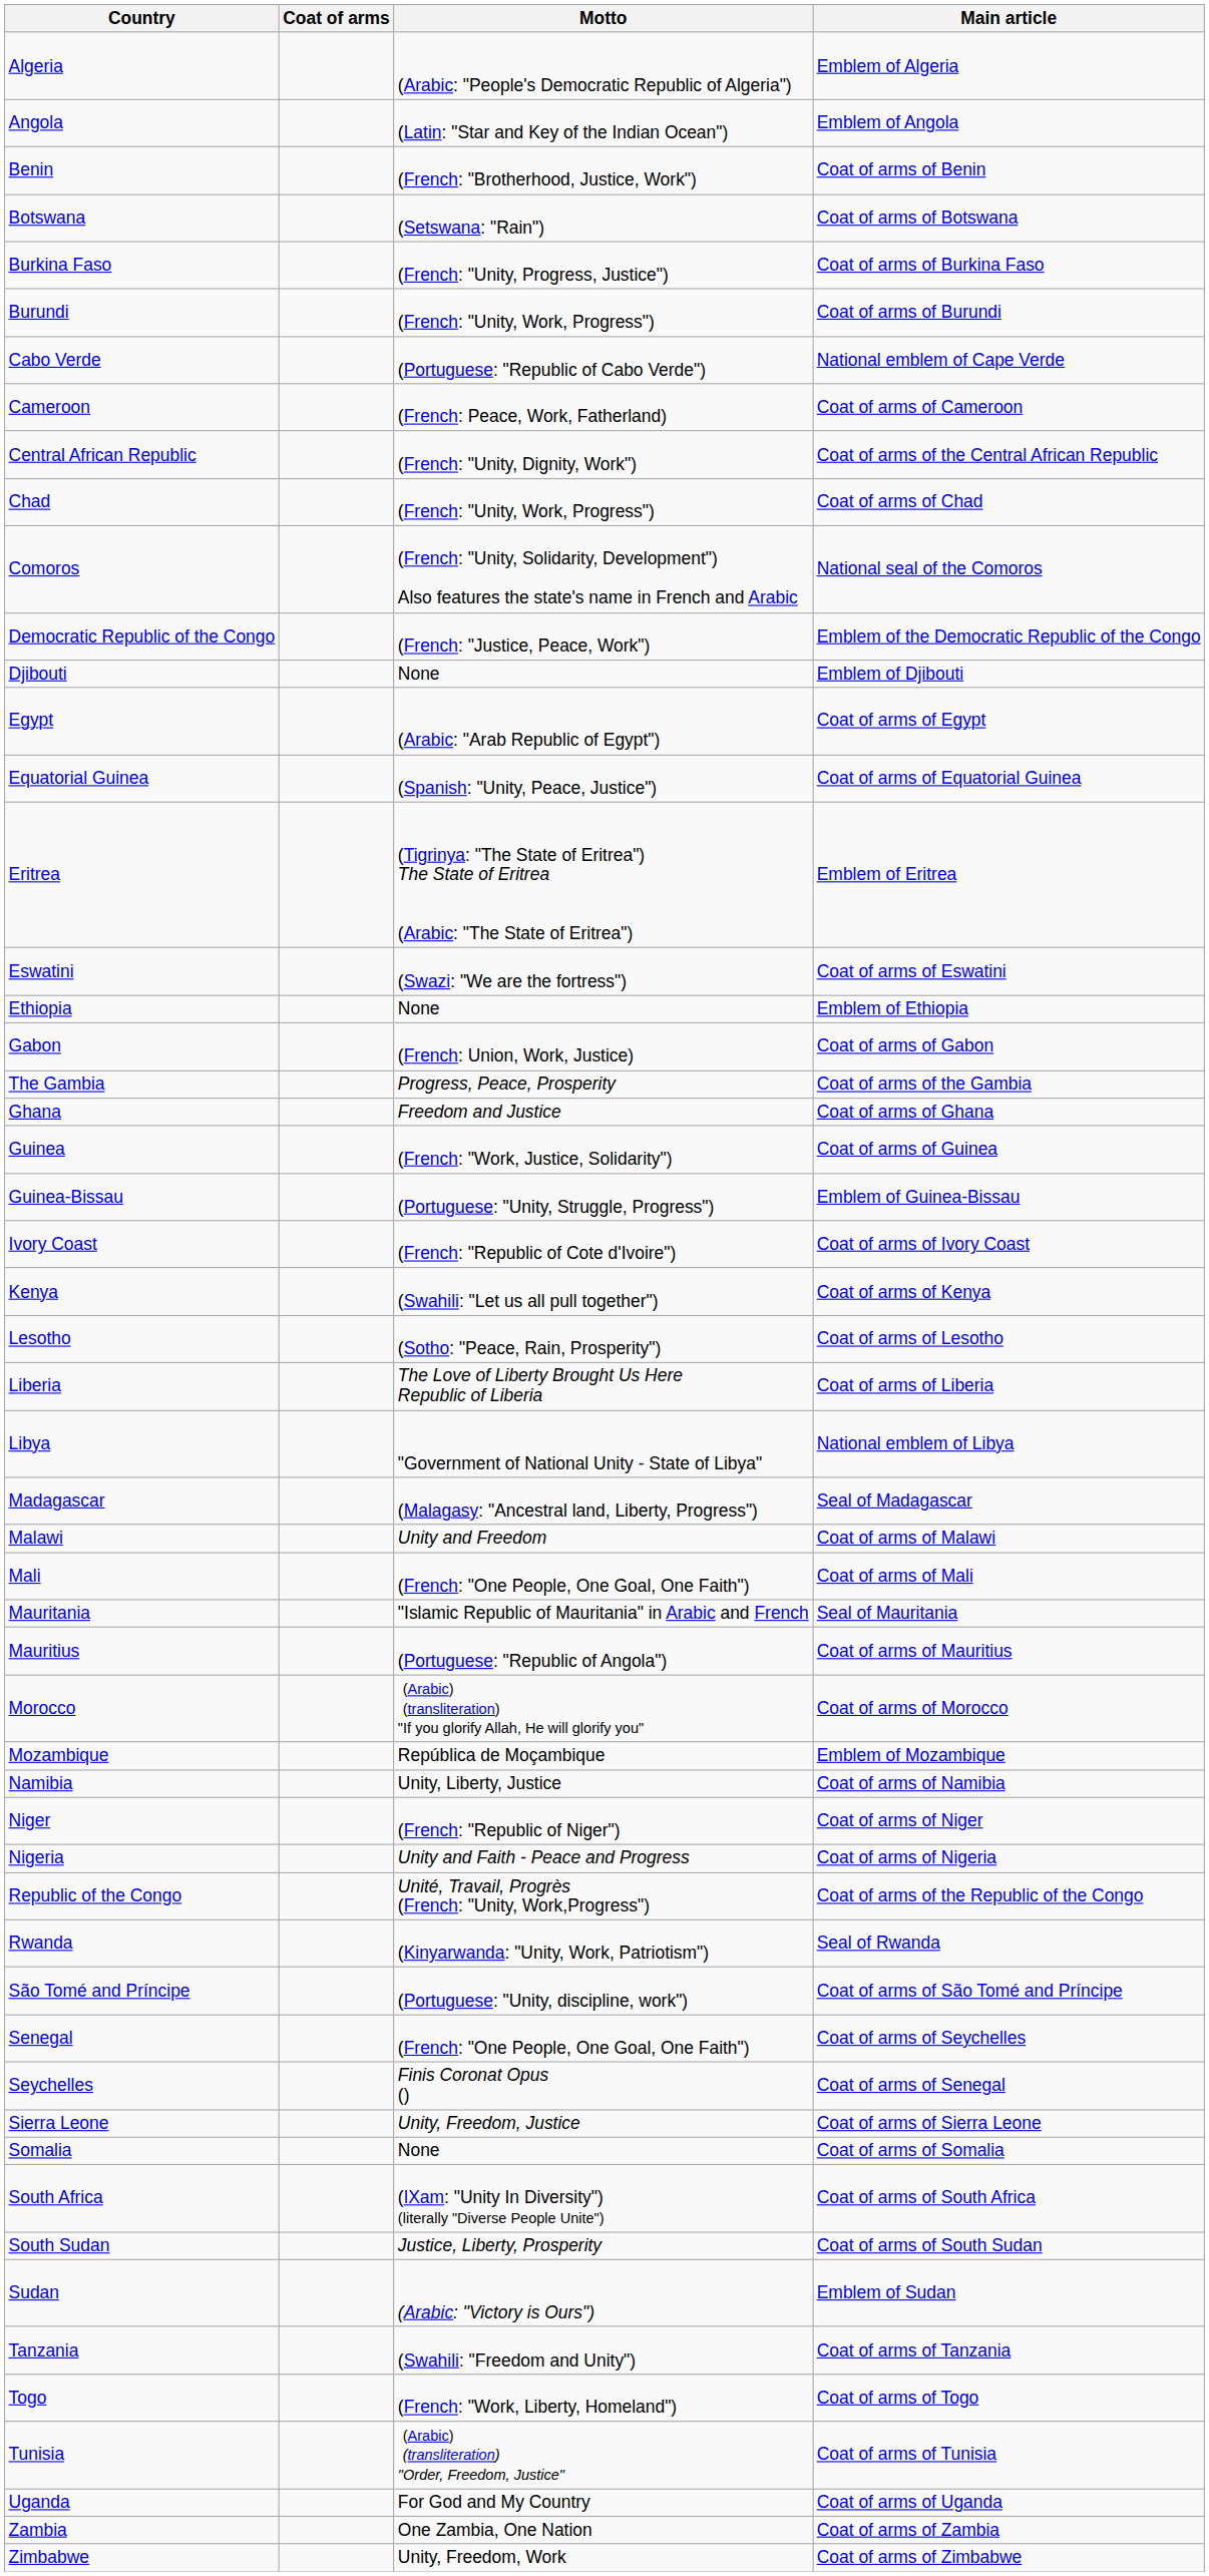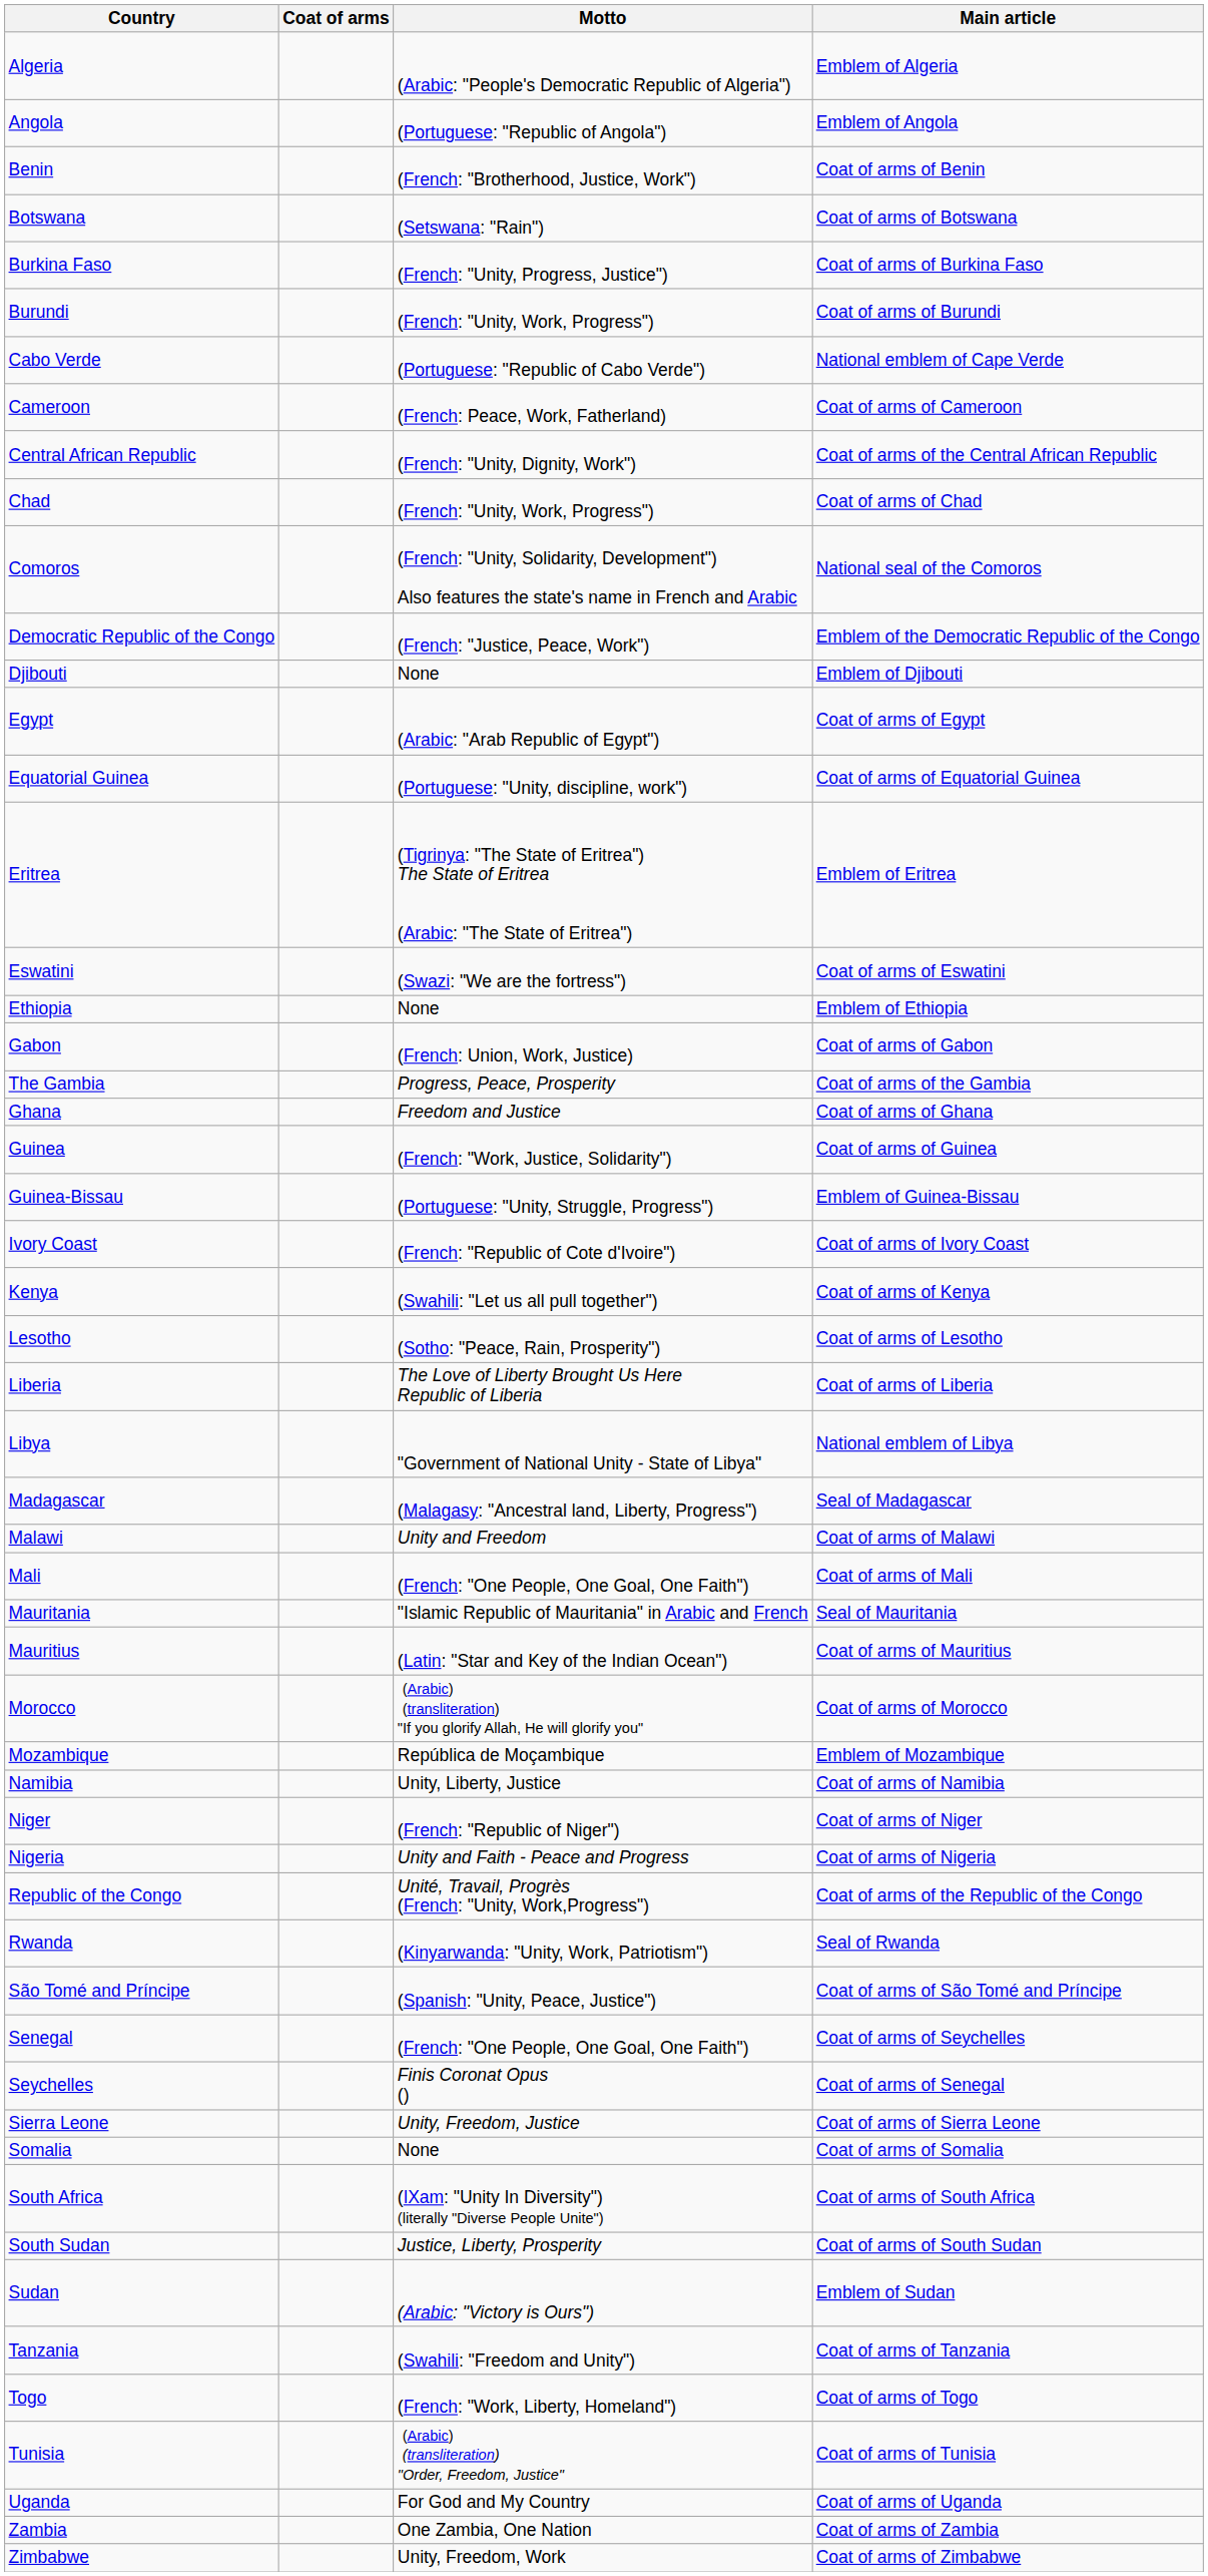 <table class="wikitable">
 <tr>
 <th>Country</th>
 <th>Coat of arms</th>
 <th>Motto</th>
 <th>Main article</th>
 </tr>
 <tr>
 <td><a href='#'>Algeria</a></td>
 <td></td>
 <td><em></em><br><br>(<a href='#'>Arabic</a>: "People's Democratic Republic of Algeria")</td>
 <td><a href='#'>Emblem of Algeria</a></td>
 </tr>
 <tr>
 <td><a href='#'>Angola</a></td>
 <td></td>
-<td><br>(<a href='#'>Latin</a>: "Star and Key of the Indian Ocean")</td>
+<td><br>(<a href='#'>Portuguese</a>: "Republic of Angola")</td>
 <td><a href='#'>Emblem of Angola</a></td>
 </tr>
 <tr>
 <td><a href='#'>Benin</a></td>
 <td></td>
 <td><br>(<a href='#'>French</a>: "Brotherhood, Justice, Work")</td>
 <td><a href='#'>Coat of arms of Benin</a></td>
 </tr>
 <tr>
 <td><a href='#'>Botswana</a></td>
 <td></td>
 <td><br>(<a href='#'>Setswana</a>: "Rain")</td>
 <td><a href='#'>Coat of arms of Botswana</a></td>
 </tr>
 <tr>
 <td><a href='#'>Burkina Faso</a></td>
 <td></td>
 <td><br>(<a href='#'>French</a>: "Unity, Progress, Justice")</td>
 <td><a href='#'>Coat of arms of Burkina Faso</a></td>
 </tr>
 <tr>
 <td><a href='#'>Burundi</a></td>
 <td></td>
 <td><br>(<a href='#'>French</a>: "Unity, Work, Progress")</td>
 <td><a href='#'>Coat of arms of Burundi</a></td>
 </tr>
 <tr>
 <td><a href='#'>Cabo Verde</a></td>
 <td></td>
 <td><br>(<a href='#'>Portuguese</a>: "Republic of Cabo Verde")</td>
 <td><a href='#'>National emblem of Cape Verde</a></td>
 </tr>
 <tr>
 <td><a href='#'>Cameroon</a></td>
 <td></td>
 <td><br>(<a href='#'>French</a>: Peace, Work, Fatherland)</td>
 <td><a href='#'>Coat of arms of Cameroon</a></td>
 </tr>
 <tr>
 <td><a href='#'>Central African Republic</a></td>
 <td></td>
 <td><br>(<a href='#'>French</a>: "Unity, Dignity, Work")</td>
 <td><a href='#'>Coat of arms of the Central African Republic</a></td>
 </tr>
 <tr>
 <td><a href='#'>Chad</a></td>
 <td></td>
 <td><br>(<a href='#'>French</a>: "Unity, Work, Progress")</td>
 <td><a href='#'>Coat of arms of Chad</a></td>
 </tr>
 <tr>
 <td><a href='#'>Comoros</a></td>
 <td></td>
 <td><br>(<a href='#'>French</a>: "Unity, Solidarity, Development")<br><br>Also features the state's name in French and <a href='#'>Arabic</a></td>
 <td><a href='#'>National seal of the Comoros</a></td>
 </tr>
 <tr>
 <td><a href='#'>Democratic Republic of the Congo</a></td>
 <td></td>
 <td><br>(<a href='#'>French</a>: "Justice, Peace, Work")</td>
 <td><a href='#'>Emblem of the Democratic Republic of the Congo</a></td>
 </tr>
 <tr>
 <td><a href='#'>Djibouti</a></td>
 <td></td>
 <td>None</td>
 <td><a href='#'>Emblem of Djibouti</a></td>
 </tr>
 <tr>
 <td><a href='#'>Egypt</a></td>
 <td></td>
 <td><em></em><br><br>(<a href='#'>Arabic</a>: "Arab Republic of Egypt")</td>
 <td><a href='#'>Coat of arms of Egypt</a></td>
 </tr>
 <tr>
 <td><a href='#'>Equatorial Guinea</a></td>
 <td></td>
-<td><br>(<a href='#'>Spanish</a>: "Unity, Peace, Justice")</td>
+<td><br>(<a href='#'>Portuguese</a>: "Unity, discipline, work")</td>
 <td><a href='#'>Coat of arms of Equatorial Guinea</a></td>
 </tr>
 <tr>
 <td><a href='#'>Eritrea</a></td>
 <td></td>
 <td><br><br>(<a href='#'>Tigrinya</a>: "The State of Eritrea")<br><em>The State of Eritrea</em><br><br><br>(<a href='#'>Arabic</a>: "The State of Eritrea")</td>
 <td><a href='#'>Emblem of Eritrea</a></td>
 </tr>
 <tr>
 <td><a href='#'>Eswatini</a></td>
 <td></td>
 <td><br>(<a href='#'>Swazi</a>: "We are the fortress")</td>
 <td><a href='#'>Coat of arms of Eswatini</a></td>
 </tr>
 <tr>
 <td><a href='#'>Ethiopia</a></td>
 <td></td>
 <td>None</td>
 <td><a href='#'>Emblem of Ethiopia</a></td>
 </tr>
 <tr>
 <td><a href='#'>Gabon</a></td>
 <td></td>
 <td><br>(<a href='#'>French</a>: Union, Work, Justice)</td>
 <td><a href='#'>Coat of arms of Gabon</a></td>
 </tr>
 <tr>
 <td><a href='#'>The Gambia</a></td>
 <td></td>
 <td><em>Progress, Peace, Prosperity</em></td>
 <td><a href='#'>Coat of arms of the Gambia</a></td>
 </tr>
 <tr>
 <td><a href='#'>Ghana</a></td>
 <td></td>
 <td><em>Freedom and Justice</em></td>
 <td><a href='#'>Coat of arms of Ghana</a></td>
 </tr>
 <tr>
 <td><a href='#'>Guinea</a></td>
 <td></td>
 <td><br>(<a href='#'>French</a>: "Work, Justice, Solidarity")</td>
 <td><a href='#'>Coat of arms of Guinea</a></td>
 </tr>
 <tr>
 <td><a href='#'>Guinea-Bissau</a></td>
 <td></td>
 <td><br>(<a href='#'>Portuguese</a>: "Unity, Struggle, Progress")</td>
 <td><a href='#'>Emblem of Guinea-Bissau</a></td>
 </tr>
 <tr>
 <td><a href='#'>Ivory Coast</a></td>
 <td></td>
 <td><br>(<a href='#'>French</a>: "Republic of Cote d'Ivoire")</td>
 <td><a href='#'>Coat of arms of Ivory Coast</a></td>
 </tr>
 <tr>
 <td><a href='#'>Kenya</a></td>
 <td></td>
 <td><br>(<a href='#'>Swahili</a>: "Let us all pull together")</td>
 <td><a href='#'>Coat of arms of Kenya</a></td>
 </tr>
 <tr>
 <td><a href='#'>Lesotho</a></td>
 <td></td>
 <td><br>(<a href='#'>Sotho</a>: "Peace, Rain, Prosperity")</td>
 <td><a href='#'>Coat of arms of Lesotho</a></td>
 </tr>
 <tr>
 <td><a href='#'>Liberia</a></td>
 <td></td>
 <td><em>The Love of Liberty Brought Us Here</em><br><em>Republic of Liberia</em></td>
 <td><a href='#'>Coat of arms of Liberia</a></td>
 </tr>
 <tr>
 <td><a href='#'>Libya</a></td>
 <td></td>
 <td><br><br>"Government of National Unity - State of Libya"</td>
 <td><a href='#'>National emblem of Libya</a></td>
 </tr>
 <tr>
 <td><a href='#'>Madagascar</a></td>
 <td></td>
 <td><br>(<a href='#'>Malagasy</a>: "Ancestral land, Liberty, Progress")</td>
 <td><a href='#'>Seal of Madagascar</a></td>
 </tr>
 <tr>
 <td><a href='#'>Malawi</a></td>
 <td></td>
 <td><em>Unity and Freedom</em></td>
 <td><a href='#'>Coat of arms of Malawi</a></td>
 </tr>
 <tr>
 <td><a href='#'>Mali</a></td>
 <td></td>
 <td><br>(<a href='#'>French</a>: "One People, One Goal, One Faith")</td>
 <td><a href='#'>Coat of arms of Mali</a></td>
 </tr>
 <tr>
 <td><a href='#'>Mauritania</a></td>
 <td></td>
 <td>"Islamic Republic of Mauritania" in <a href='#'>Arabic</a> and <a href='#'>French</a></td>
 <td><a href='#'>Seal of Mauritania</a></td>
 </tr>
 <tr>
 <td><a href='#'>Mauritius</a></td>
 <td></td>
-<td><br>(<a href='#'>Portuguese</a>: "Republic of Angola")</td>
+<td><br>(<a href='#'>Latin</a>: "Star and Key of the Indian Ocean")</td>
 <td><a href='#'>Coat of arms of Mauritius</a></td>
 </tr>
 <tr>
 <td><a href='#'>Morocco</a></td>
 <td></td>
 <td> <small>(<a href='#'>Arabic</a>)</small><br><em></em> <small>(<a href='#'>transliteration</a>)<br>"If you glorify Allah, He will glorify you"</small></td>
 <td><a href='#'>Coat of arms of Morocco</a></td>
 </tr>
 <tr>
 <td><a href='#'>Mozambique</a></td>
 <td></td>
 <td>República de Moçambique</td>
 <td><a href='#'>Emblem of Mozambique</a></td>
 </tr>
 <tr>
 <td><a href='#'>Namibia</a></td>
 <td></td>
 <td>Unity, Liberty, Justice</td>
 <td><a href='#'>Coat of arms of Namibia</a></td>
 </tr>
 <tr>
 <td><a href='#'>Niger</a></td>
 <td></td>
 <td><br>(<a href='#'>French</a>: "Republic of Niger")</td>
 <td><a href='#'>Coat of arms of Niger</a></td>
 </tr>
 <tr>
 <td><a href='#'>Nigeria</a></td>
 <td></td>
 <td><em>Unity and Faith - Peace and Progress</em></td>
 <td><a href='#'>Coat of arms of Nigeria</a></td>
 </tr>
 <tr>
 <td><a href='#'>Republic of the Congo</a></td>
 <td></td>
 <td><em>Unité, Travail, Progrès</em><br>(<a href='#'>French</a>: "Unity, Work,Progress")</td>
 <td><a href='#'>Coat of arms of the Republic of the Congo</a></td>
 </tr>
 <tr>
 <td><a href='#'>Rwanda</a></td>
 <td></td>
 <td><br>(<a href='#'>Kinyarwanda</a>: "Unity, Work, Patriotism")</td>
 <td><a href='#'>Seal of Rwanda</a></td>
 </tr>
 <tr>
 <td><a href='#'>São Tomé and Príncipe</a></td>
 <td></td>
-<td><br>(<a href='#'>Portuguese</a>: "Unity, discipline, work")</td>
+<td><br>(<a href='#'>Spanish</a>: "Unity, Peace, Justice")</td>
 <td><a href='#'>Coat of arms of São Tomé and Príncipe</a></td>
 </tr>
 <tr>
 <td><a href='#'>Senegal</a></td>
 <td></td>
 <td><br>(<a href='#'>French</a>: "One People, One Goal, One Faith")</td>
 <td><a href='#'>Coat of arms of Seychelles</a></td>
 </tr>
 <tr>
 <td><a href='#'>Seychelles</a></td>
 <td></td>
 <td><em>Finis Coronat Opus</em><br>()</td>
 <td><a href='#'>Coat of arms of Senegal</a></td>
 </tr>
 <tr>
 <td><a href='#'>Sierra Leone</a></td>
 <td></td>
 <td><em>Unity, Freedom, Justice</em></td>
 <td><a href='#'>Coat of arms of Sierra Leone</a></td>
 </tr>
 <tr>
 <td><a href='#'>Somalia</a></td>
 <td></td>
 <td>None</td>
 <td><a href='#'>Coat of arms of Somalia</a></td>
 </tr>
 <tr>
 <td><a href='#'>South Africa</a></td>
 <td></td>
 <td><br>(<a href='#'>ǀXam</a>: "Unity In Diversity")<br><small>(literally "Diverse People Unite")</small></td>
 <td><a href='#'>Coat of arms of South Africa</a></td>
 </tr>
 <tr>
 <td><a href='#'>South Sudan</a></td>
 <td></td>
 <td><em>Justice, Liberty, Prosperity</em></td>
 <td><a href='#'>Coat of arms of South Sudan</a></td>
 </tr>
 <tr>
 <td><a href='#'>Sudan</a></td>
 <td></td>
 <td><em><br><br>(<a href='#'>Arabic</a>: "Victory is Ours")</td>
 <td><a href='#'>Emblem of Sudan</a></td>
 </tr>
 <tr>
 <td><a href='#'>Tanzania</a></td>
 <td></td>
 <td><br>(<a href='#'>Swahili</a>: "Freedom and Unity")</td>
 <td><a href='#'>Coat of arms of Tanzania</a></td>
 </tr>
 <tr>
 <td><a href='#'>Togo</a></td>
 <td></td>
 <td><br>(<a href='#'>French</a>: "Work, Liberty, Homeland")</td>
 <td><a href='#'>Coat of arms of Togo</a></td>
 </tr>
 <tr>
 <td><a href='#'>Tunisia</a></td>
 <td></td>
 <td> <small>(<a href='#'>Arabic</a>)</small><br></em><em> <small>(<a href='#'>transliteration</a>)<br>"Order, Freedom, Justice"</small></td>
 <td><a href='#'>Coat of arms of Tunisia</a></td>
 </tr>
 <tr>
 <td><a href='#'>Uganda</a></td>
 <td></td>
 <td></em>For God and My Country<em></td>
 <td><a href='#'>Coat of arms of Uganda</a></td>
 </tr>
 <tr>
 <td><a href='#'>Zambia</a></td>
 <td></td>
 <td></em>One Zambia, One Nation<em></td>
 <td><a href='#'>Coat of arms of Zambia</a></td>
 </tr>
 <tr>
 <td><a href='#'>Zimbabwe</a></td>
 <td></td>
 <td></em>Unity, Freedom, Work<em></td>
 <td><a href='#'>Coat of arms of Zimbabwe</a></td>
 </tr>
 </table>
